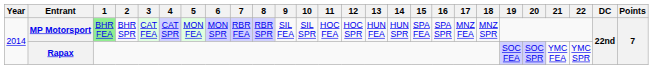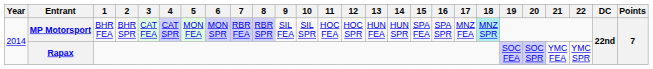 <table class="wikitable" style="text-align:center; font-size:85%">
 <tr>
 <th>Year</th>
 <th>Entrant</th>
 <th>1</th>
 <th>2</th>
 <th>3</th>
 <th>4</th>
 <th>5</th>
 <th>6</th>
 <th>7</th>
 <th>8</th>
 <th>9</th>
 <th>10</th>
 <th>11</th>
 <th>12</th>
 <th>13</th>
 <th>14</th>
 <th>15</th>
 <th>16</th>
 <th>17</th>
 <th>18</th>
 <th>19</th>
 <th>20</th>
 <th>21</th>
 <th>22</th>
 <th>DC</th>
 <th>Points</th>
 </tr>
 <tr>
 <td rowspan=2><a href='#'>2014</a></td>
 <th nowrap><a href='#'>MP Motorsport</a></th>
-<td style="background: lightgreen;"><a href='#'>BHR<br>FEA</a></td>
+<td><a href='#'>BHR<br>FEA</a></td>
 <td><a href='#'>BHR<br>SPR</a></td>
 <td style="background:#DFFFDF;"><a href='#'>CAT<br>FEA</a><br></td>
 <td style="background:#CFCFFF;"><a href='#'>CAT<br>SPR</a><br></td>
 <td style="background:#DFFFDF;"><a href='#'>MON<br>FEA</a><br></td>
 <td style="background:#CFCFFF;"><a href='#'>MON<br>SPR</a><br></td>
 <td style="background:#CFCFFF;"><a href='#'>RBR<br>FEA</a><br></td>
 <td style="background:#CFCFFF;"><a href='#'>RBR<br>SPR</a><br></td>
 <td><a href='#'>SIL<br>FEA</a></td>
 <td><a href='#'>SIL<br>SPR</a></td>
 <td><a href='#'>HOC<br>FEA</a></td>
 <td><a href='#'>HOC<br>SPR</a></td>
 <td><a href='#'>HUN<br>FEA</a></td>
 <td><a href='#'>HUN<br>SPR</a></td>
 <td><a href='#'>SPA<br>FEA</a></td>
 <td><a href='#'>SPA<br>SPR</a></td>
 <td><a href='#'>MNZ<br>FEA</a></td>
-<td><a href='#'>MNZ<br>SPR</a></td>
+<td style="background: paleturquoise;"><a href='#'>MNZ<br>SPR</a></td>
 <td colspan=4></td>
 <th rowspan=2>22nd</th>
 <th rowspan=2>7</th>
 </tr>
 <tr>
 <th><a href='#'>Rapax</a></th>
 <td colspan=18></td>
 <td style="background:#CFCFFF;"><a href='#'>SOC<br>FEA</a><br></td>
 <td style="background:#CFCFFF;"><a href='#'>SOC<br>SPR</a><br></td>
 <td><a href='#'>YMC<br>FEA</a></td>
 <td><a href='#'>YMC<br>SPR</a></td>
 </tr>
 </table>
